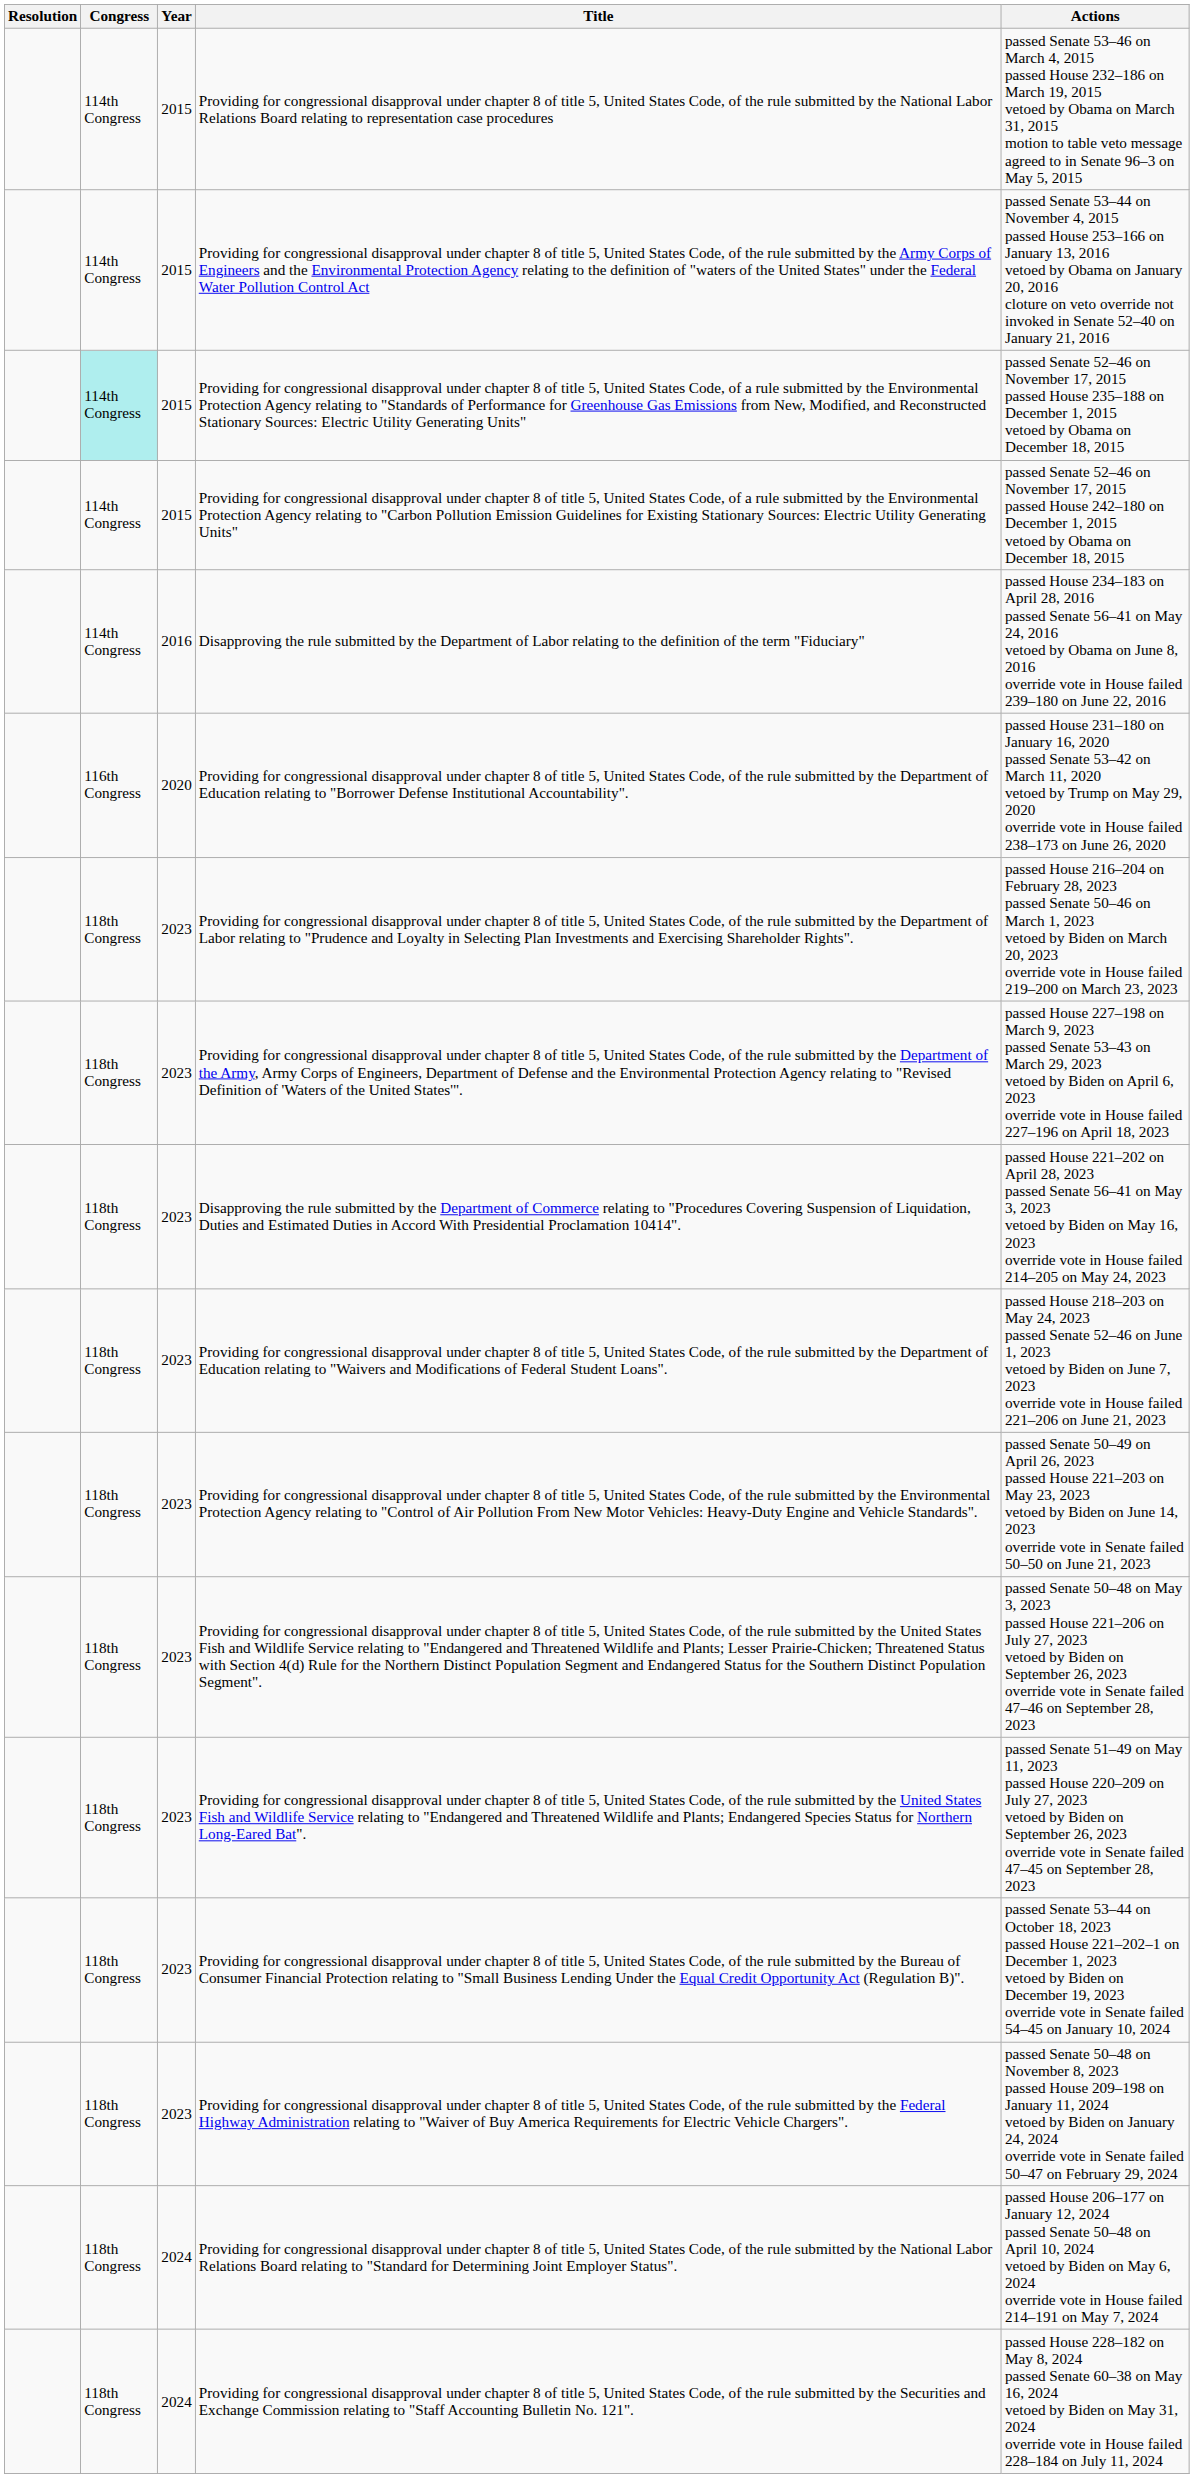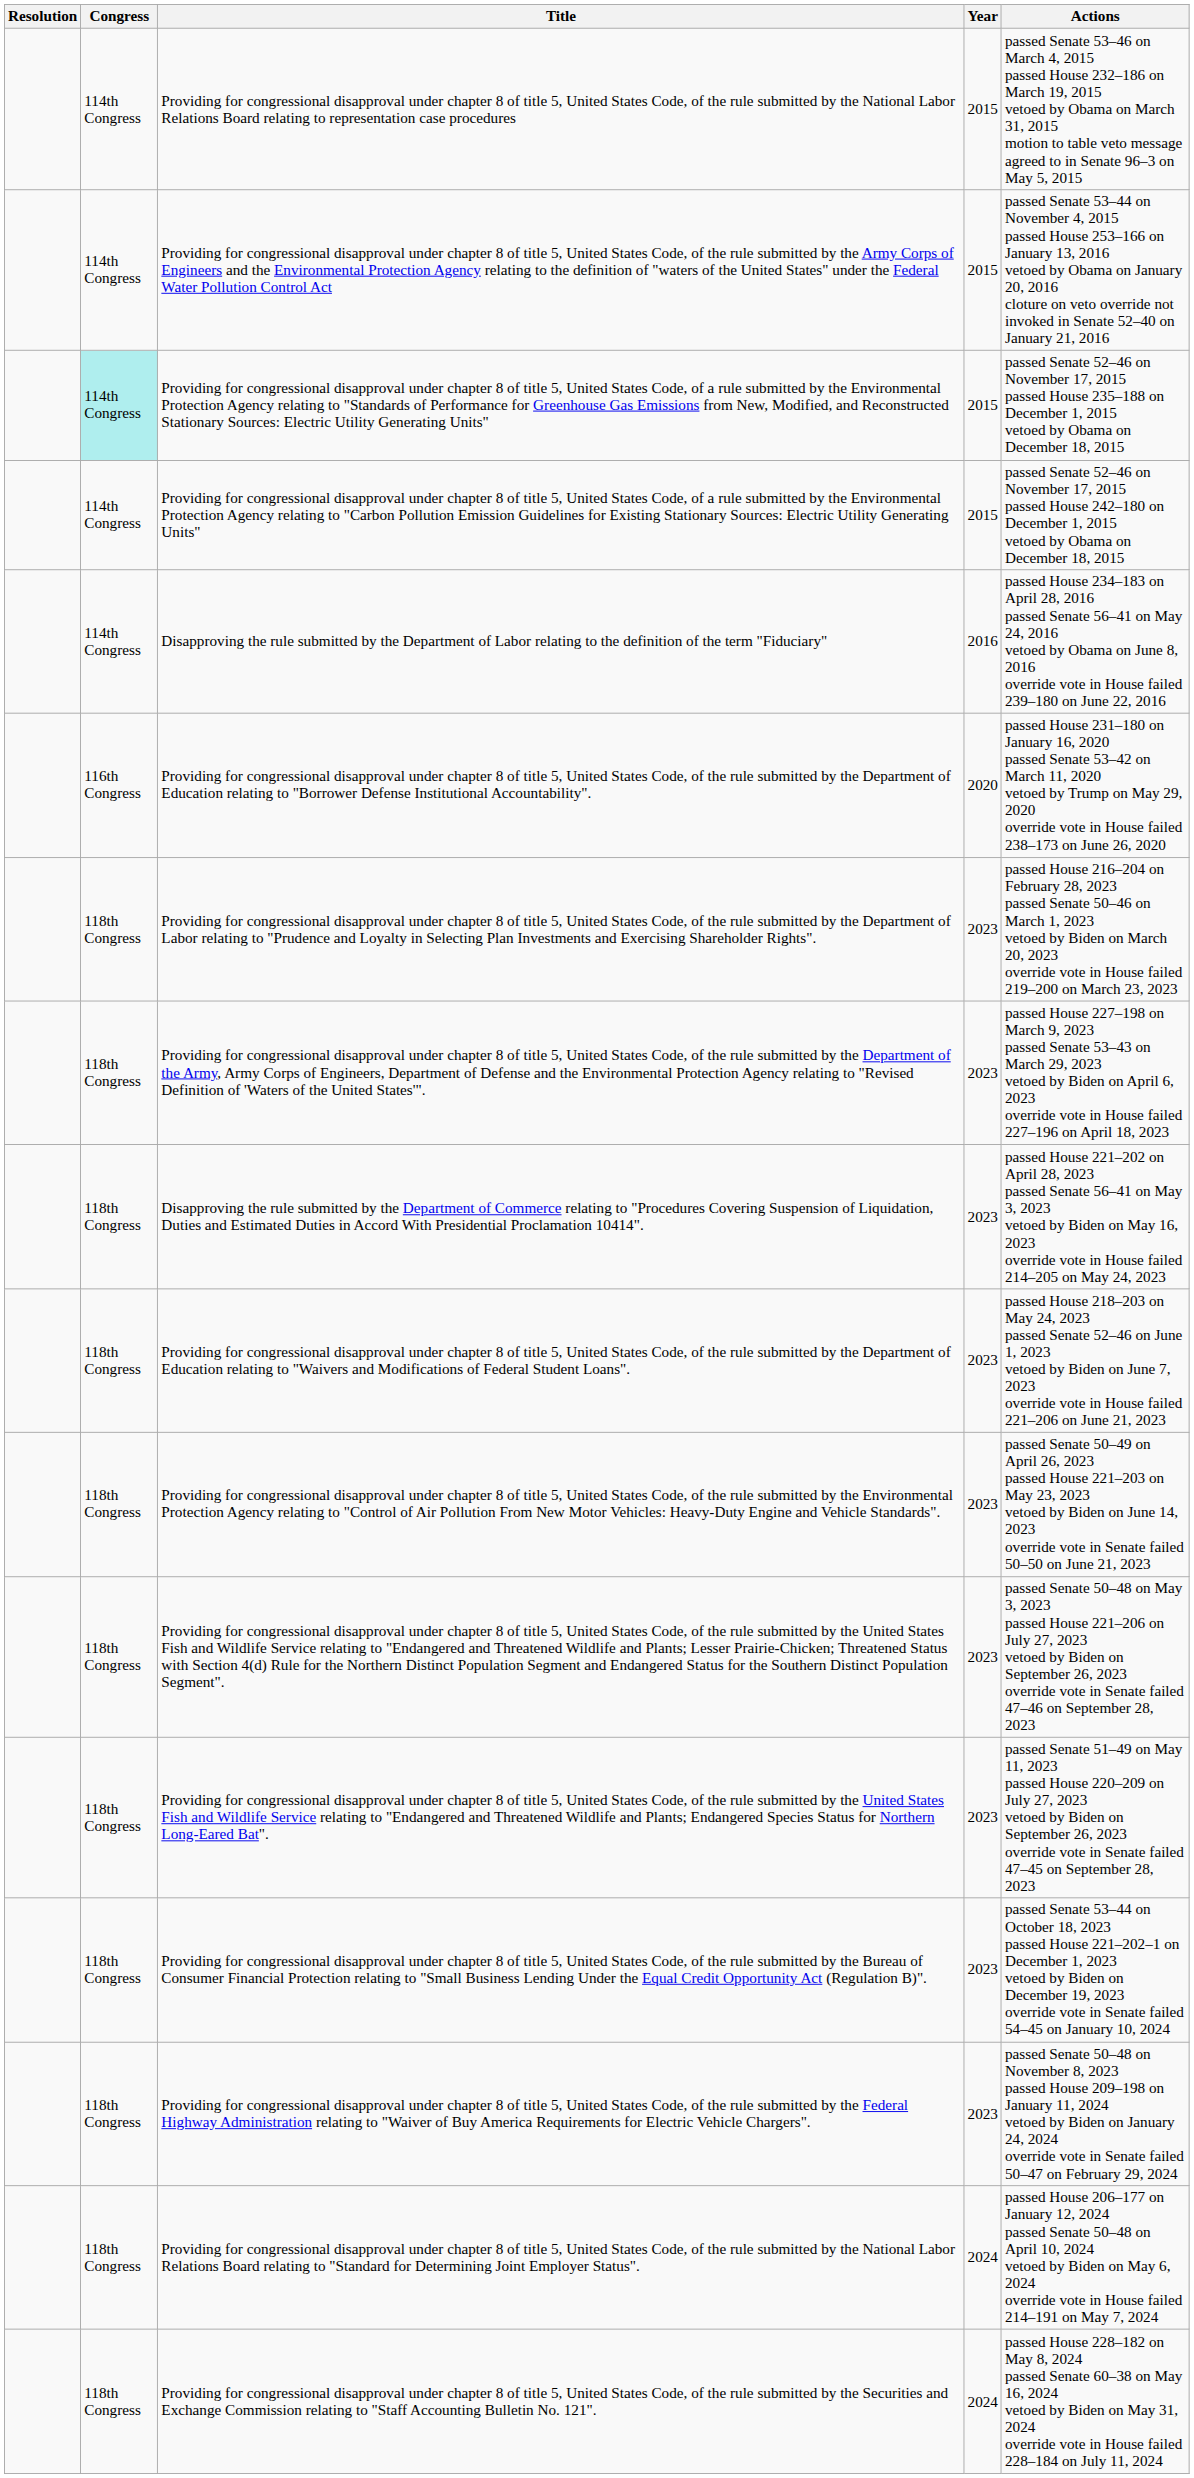 <table class="wikitable sortable">
 <tr>
 <th>Resolution</th>
 <th>Congress</th>
+<th>Title</th>
 <th>Year</th>
-<th>Title</th>
 <th>Actions</th>
 </tr>
 <tr>
 <td></td>
 <td>114th Congress</td>
+<td>Providing for congressional disapproval under chapter 8 of title 5, United States Code, of the rule submitted by the National Labor Relations Board relating to representation case procedures</td>
 <td>2015</td>
-<td>Providing for congressional disapproval under chapter 8 of title 5, United States Code, of the rule submitted by the National Labor Relations Board relating to representation case procedures</td>
 <td>passed Senate 53–46 on March 4, 2015<br>passed House 232–186 on March 19, 2015<br>vetoed by Obama on March 31, 2015<br>motion to table veto message agreed to in Senate 96–3 on May 5, 2015</td>
 </tr>
 <tr>
 <td></td>
 <td>114th Congress</td>
+<td>Providing for congressional disapproval under chapter 8 of title 5, United States Code, of the rule submitted by the <a href='#'>Army Corps of Engineers</a> and the <a href='#'>Environmental Protection Agency</a> relating to the definition of "waters of the United States" under the <a href='#'>Federal Water Pollution Control Act</a></td>
 <td>2015</td>
-<td>Providing for congressional disapproval under chapter 8 of title 5, United States Code, of the rule submitted by the <a href='#'>Army Corps of Engineers</a> and the <a href='#'>Environmental Protection Agency</a> relating to the definition of "waters of the United States" under the <a href='#'>Federal Water Pollution Control Act</a></td>
 <td>passed Senate 53–44 on November 4, 2015<br>passed House 253–166 on January 13, 2016<br>vetoed by Obama on January 20, 2016<br>cloture on veto override not invoked in Senate 52–40 on January 21, 2016</td>
 </tr>
 <tr>
 <td></td>
 <td style="background: paleturquoise;">114th Congress</td>
+<td>Providing for congressional disapproval under chapter 8 of title 5, United States Code, of a rule submitted by the Environmental Protection Agency relating to "Standards of Performance for <a href='#'>Greenhouse Gas Emissions</a> from New, Modified, and Reconstructed Stationary Sources: Electric Utility Generating Units"</td>
 <td>2015</td>
-<td>Providing for congressional disapproval under chapter 8 of title 5, United States Code, of a rule submitted by the Environmental Protection Agency relating to "Standards of Performance for <a href='#'>Greenhouse Gas Emissions</a> from New, Modified, and Reconstructed Stationary Sources: Electric Utility Generating Units"</td>
 <td>passed Senate 52–46 on November 17, 2015<br>passed House 235–188 on December 1, 2015<br>vetoed by Obama on December 18, 2015</td>
 </tr>
 <tr>
 <td></td>
 <td>114th Congress</td>
+<td>Providing for congressional disapproval under chapter 8 of title 5, United States Code, of a rule submitted by the Environmental Protection Agency relating to "Carbon Pollution Emission Guidelines for Existing Stationary Sources: Electric Utility Generating Units"</td>
 <td>2015</td>
-<td>Providing for congressional disapproval under chapter 8 of title 5, United States Code, of a rule submitted by the Environmental Protection Agency relating to "Carbon Pollution Emission Guidelines for Existing Stationary Sources: Electric Utility Generating Units"</td>
 <td>passed Senate 52–46 on November 17, 2015<br>passed House 242–180 on December 1, 2015<br>vetoed by Obama on December 18, 2015</td>
 </tr>
 <tr>
 <td></td>
 <td>114th Congress</td>
+<td>Disapproving the rule submitted by the Department of Labor relating to the definition of the term "Fiduciary"</td>
 <td>2016</td>
-<td>Disapproving the rule submitted by the Department of Labor relating to the definition of the term "Fiduciary"</td>
 <td>passed House 234–183 on April 28, 2016<br>passed Senate 56–41 on May 24, 2016<br>vetoed by Obama on June 8, 2016<br>override vote in House failed 239–180 on June 22, 2016</td>
 </tr>
 <tr>
 <td></td>
 <td>116th Congress</td>
+<td>Providing for congressional disapproval under chapter 8 of title 5, United States Code, of the rule submitted by the Department of Education relating to "Borrower Defense Institutional Accountability".</td>
 <td>2020</td>
-<td>Providing for congressional disapproval under chapter 8 of title 5, United States Code, of the rule submitted by the Department of Education relating to "Borrower Defense Institutional Accountability".</td>
 <td>passed House 231–180 on January 16, 2020<br>passed Senate 53–42 on March 11, 2020<br>vetoed by Trump on May 29, 2020<br>override vote in House failed 238–173 on June 26, 2020</td>
 </tr>
 <tr>
 <td></td>
 <td>118th Congress</td>
+<td>Providing for congressional disapproval under chapter 8 of title 5, United States Code, of the rule submitted by the Department of Labor relating to "Prudence and Loyalty in Selecting Plan Investments and Exercising Shareholder Rights".</td>
 <td>2023</td>
-<td>Providing for congressional disapproval under chapter 8 of title 5, United States Code, of the rule submitted by the Department of Labor relating to "Prudence and Loyalty in Selecting Plan Investments and Exercising Shareholder Rights".</td>
 <td>passed House 216–204 on February 28, 2023<br>passed Senate 50–46 on March 1, 2023<br>vetoed by Biden on March 20, 2023<br>override vote in House failed 219–200 on March 23, 2023</td>
 </tr>
 <tr>
 <td></td>
 <td>118th Congress</td>
+<td>Providing for congressional disapproval under chapter 8 of title 5, United States Code, of the rule submitted by the <a href='#'>Department of the Army</a>, Army Corps of Engineers, Department of Defense and the Environmental Protection Agency relating to "Revised Definition of 'Waters of the United States'".</td>
 <td>2023</td>
-<td>Providing for congressional disapproval under chapter 8 of title 5, United States Code, of the rule submitted by the <a href='#'>Department of the Army</a>, Army Corps of Engineers, Department of Defense and the Environmental Protection Agency relating to "Revised Definition of 'Waters of the United States'".</td>
 <td>passed House 227–198 on March 9, 2023<br>passed Senate 53–43 on March 29, 2023<br>vetoed by Biden on April 6, 2023<br>override vote in House failed 227–196 on April 18, 2023</td>
 </tr>
 <tr>
 <td></td>
 <td>118th Congress</td>
+<td>Disapproving the rule submitted by the <a href='#'>Department of Commerce</a> relating to "Procedures Covering Suspension of Liquidation, Duties and Estimated Duties in Accord With Presidential Proclamation 10414".</td>
 <td>2023</td>
-<td>Disapproving the rule submitted by the <a href='#'>Department of Commerce</a> relating to "Procedures Covering Suspension of Liquidation, Duties and Estimated Duties in Accord With Presidential Proclamation 10414".</td>
 <td>passed House 221–202 on April 28, 2023<br>passed Senate 56–41 on May 3, 2023<br>vetoed by Biden on May 16, 2023<br>override vote in House failed 214–205 on May 24, 2023</td>
 </tr>
 <tr>
 <td></td>
 <td>118th Congress</td>
+<td>Providing for congressional disapproval under chapter 8 of title 5, United States Code, of the rule submitted by the Department of Education relating to "Waivers and Modifications of Federal Student Loans".</td>
 <td>2023</td>
-<td>Providing for congressional disapproval under chapter 8 of title 5, United States Code, of the rule submitted by the Department of Education relating to "Waivers and Modifications of Federal Student Loans".</td>
 <td>passed House 218–203 on May 24, 2023<br>passed Senate 52–46 on June 1, 2023<br>vetoed by Biden on June 7, 2023<br>override vote in House failed 221–206 on June 21, 2023</td>
 </tr>
 <tr>
 <td></td>
 <td>118th Congress</td>
+<td>Providing for congressional disapproval under chapter 8 of title 5, United States Code, of the rule submitted by the Environmental Protection Agency relating to "Control of Air Pollution From New Motor Vehicles: Heavy-Duty Engine and Vehicle Standards".</td>
 <td>2023</td>
-<td>Providing for congressional disapproval under chapter 8 of title 5, United States Code, of the rule submitted by the Environmental Protection Agency relating to "Control of Air Pollution From New Motor Vehicles: Heavy-Duty Engine and Vehicle Standards".</td>
 <td>passed Senate 50–49 on April 26, 2023<br>passed House 221–203 on May 23, 2023<br>vetoed by Biden on June 14, 2023<br>override vote in Senate failed 50–50 on June 21, 2023</td>
 </tr>
 <tr>
 <td></td>
 <td>118th Congress</td>
+<td>Providing for congressional disapproval under chapter 8 of title 5, United States Code, of the rule submitted by the United States Fish and Wildlife Service relating to "Endangered and Threatened Wildlife and Plants; Lesser Prairie-Chicken; Threatened Status with Section 4(d) Rule for the Northern Distinct Population Segment and Endangered Status for the Southern Distinct Population Segment".</td>
 <td>2023</td>
-<td>Providing for congressional disapproval under chapter 8 of title 5, United States Code, of the rule submitted by the United States Fish and Wildlife Service relating to "Endangered and Threatened Wildlife and Plants; Lesser Prairie-Chicken; Threatened Status with Section 4(d) Rule for the Northern Distinct Population Segment and Endangered Status for the Southern Distinct Population Segment".</td>
 <td>passed Senate 50–48 on May 3, 2023<br>passed House 221–206 on July 27, 2023<br>vetoed by Biden on September 26, 2023<br>override vote in Senate failed 47–46 on September 28, 2023</td>
 </tr>
 <tr>
 <td></td>
 <td>118th Congress</td>
+<td>Providing for congressional disapproval under chapter 8 of title 5, United States Code, of the rule submitted by the <a href='#'>United States Fish and Wildlife Service</a> relating to "Endangered and Threatened Wildlife and Plants; Endangered Species Status for <a href='#'>Northern Long-Eared Bat</a>".</td>
 <td>2023</td>
-<td>Providing for congressional disapproval under chapter 8 of title 5, United States Code, of the rule submitted by the <a href='#'>United States Fish and Wildlife Service</a> relating to "Endangered and Threatened Wildlife and Plants; Endangered Species Status for <a href='#'>Northern Long-Eared Bat</a>".</td>
 <td>passed Senate 51–49 on May 11, 2023<br>passed House 220–209 on July 27, 2023<br>vetoed by Biden on September 26, 2023<br>override vote in Senate failed 47–45 on September 28, 2023</td>
 </tr>
 <tr>
 <td></td>
 <td>118th Congress</td>
+<td>Providing for congressional disapproval under chapter 8 of title 5, United States Code, of the rule submitted by the Bureau of Consumer Financial Protection relating to "Small Business Lending Under the <a href='#'>Equal Credit Opportunity Act</a> (Regulation B)".</td>
 <td>2023</td>
-<td>Providing for congressional disapproval under chapter 8 of title 5, United States Code, of the rule submitted by the Bureau of Consumer Financial Protection relating to "Small Business Lending Under the <a href='#'>Equal Credit Opportunity Act</a> (Regulation B)".</td>
 <td>passed Senate 53–44 on October 18, 2023<br>passed House 221–202–1 on December 1, 2023<br>vetoed by Biden on December 19, 2023<br>override vote in Senate failed 54–45 on January 10, 2024</td>
 </tr>
 <tr>
 <td></td>
 <td>118th Congress</td>
+<td>Providing for congressional disapproval under chapter 8 of title 5, United States Code, of the rule submitted by the <a href='#'>Federal Highway Administration</a> relating to "Waiver of Buy America Requirements for Electric Vehicle Chargers".</td>
 <td>2023</td>
-<td>Providing for congressional disapproval under chapter 8 of title 5, United States Code, of the rule submitted by the <a href='#'>Federal Highway Administration</a> relating to "Waiver of Buy America Requirements for Electric Vehicle Chargers".</td>
 <td>passed Senate 50–48 on November 8, 2023<br>passed House 209–198 on January 11, 2024<br>vetoed by Biden on January 24, 2024<br>override vote in Senate failed 50–47 on February 29, 2024</td>
 </tr>
 <tr>
 <td></td>
 <td>118th Congress</td>
+<td>Providing for congressional disapproval under chapter 8 of title 5, United States Code, of the rule submitted by the National Labor Relations Board relating to "Standard for Determining Joint Employer Status".</td>
 <td>2024</td>
-<td>Providing for congressional disapproval under chapter 8 of title 5, United States Code, of the rule submitted by the National Labor Relations Board relating to "Standard for Determining Joint Employer Status".</td>
 <td>passed House 206–177 on January 12, 2024<br>passed Senate 50–48 on April 10, 2024<br>vetoed by Biden on May 6, 2024<br>override vote in House failed 214–191 on May 7, 2024</td>
 </tr>
 <tr>
 <td></td>
 <td>118th Congress</td>
+<td>Providing for congressional disapproval under chapter 8 of title 5, United States Code, of the rule submitted by the Securities and Exchange Commission relating to "Staff Accounting Bulletin No. 121".</td>
 <td>2024</td>
-<td>Providing for congressional disapproval under chapter 8 of title 5, United States Code, of the rule submitted by the Securities and Exchange Commission relating to "Staff Accounting Bulletin No. 121".</td>
 <td>passed House 228–182 on May 8, 2024<br>passed Senate 60–38 on May 16, 2024<br>vetoed by Biden on May 31, 2024<br>override vote in House failed 228–184 on July 11, 2024</td>
 </tr>
 </table>
